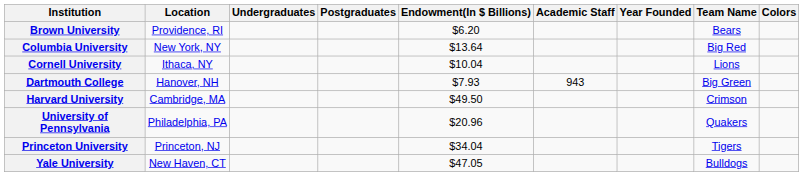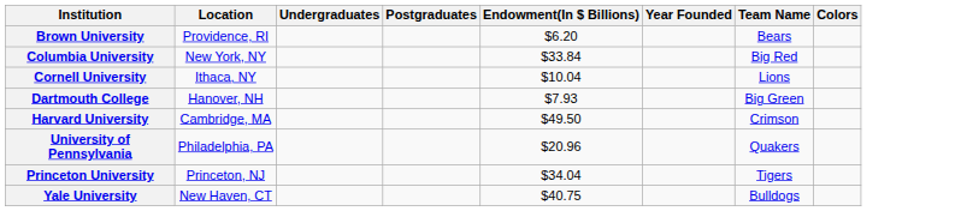 <table class="wikitable sortable" style="text-align:center; margin-right:0;">
 <tr>
 <th width=200px>Institution</th>
 <th width=px>Location</th>
 <th width=px>Undergraduates</th>
 <th width=px>Postgraduates</th>
 <th width=px>Endowment(In $ Billions)</th>
-<th width=px>Academic Staff</th>
 <th width=px>Year Founded</th>
 <th width=px>Team Name</th>
 <th width=px>Colors</th>
 </tr>
 <tr>
 <th><a href='#'>Brown University</a></th>
 <td><a href='#'>Providence, RI</a></td>
 <td></td>
 <td></td>
 <td>$6.20</td>
 <td></td>
-<td></td>
 <td><a href='#'>Bears</a></td>
 <td></td>
 </tr>
 <tr>
 <th><a href='#'>Columbia University</a></th>
 <td><a href='#'>New York, NY</a></td>
 <td></td>
 <td></td>
-<td>$13.64</td>
-<td></td>
+<td>$33.84</td>
 <td></td>
 <td><a href='#'>Big Red</a></td>
 <td></td>
 </tr>
 <tr>
 <th><a href='#'>Cornell University</a></th>
 <td><a href='#'>Ithaca, NY</a></td>
 <td></td>
 <td></td>
 <td>$10.04</td>
 <td></td>
-<td></td>
 <td><a href='#'>Lions</a></td>
 <td></td>
 </tr>
 <tr>
 <th><a href='#'>Dartmouth College</a></th>
 <td><a href='#'>Hanover, NH</a></td>
 <td></td>
 <td></td>
 <td>$7.93</td>
-<td>943</td>
 <td></td>
 <td><a href='#'>Big Green</a></td>
 <td></td>
 </tr>
 <tr>
 <th><a href='#'>Harvard University</a></th>
 <td><a href='#'>Cambridge, MA</a></td>
 <td></td>
 <td></td>
 <td>$49.50</td>
 <td></td>
-<td></td>
 <td><a href='#'>Crimson</a></td>
 <td></td>
 </tr>
 <tr>
 <th><a href='#'>University of Pennsylvania</a></th>
 <td><a href='#'>Philadelphia, PA</a></td>
 <td></td>
 <td></td>
 <td>$20.96</td>
-<td></td>
 <td></td>
 <td><a href='#'>Quakers</a></td>
 <td></td>
 </tr>
 <tr>
 <th><a href='#'>Princeton University</a></th>
 <td><a href='#'>Princeton, NJ</a></td>
 <td></td>
 <td></td>
 <td>$34.04</td>
 <td></td>
-<td></td>
 <td><a href='#'>Tigers</a></td>
 <td></td>
 </tr>
 <tr>
 <th><a href='#'>Yale University</a></th>
 <td><a href='#'>New Haven, CT</a></td>
 <td></td>
 <td></td>
-<td>$47.05</td>
-<td></td>
+<td>$40.75</td>
 <td></td>
 <td><a href='#'>Bulldogs</a></td>
 <td></td>
 </tr>
 </table>
